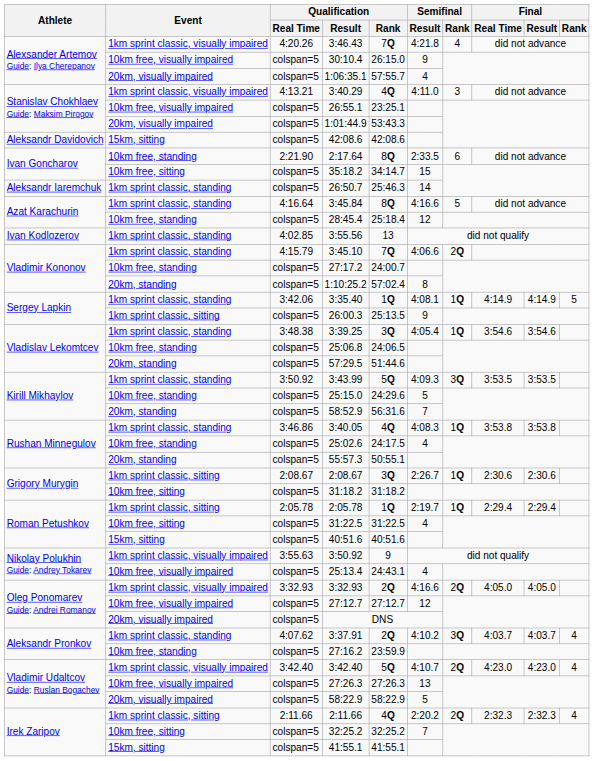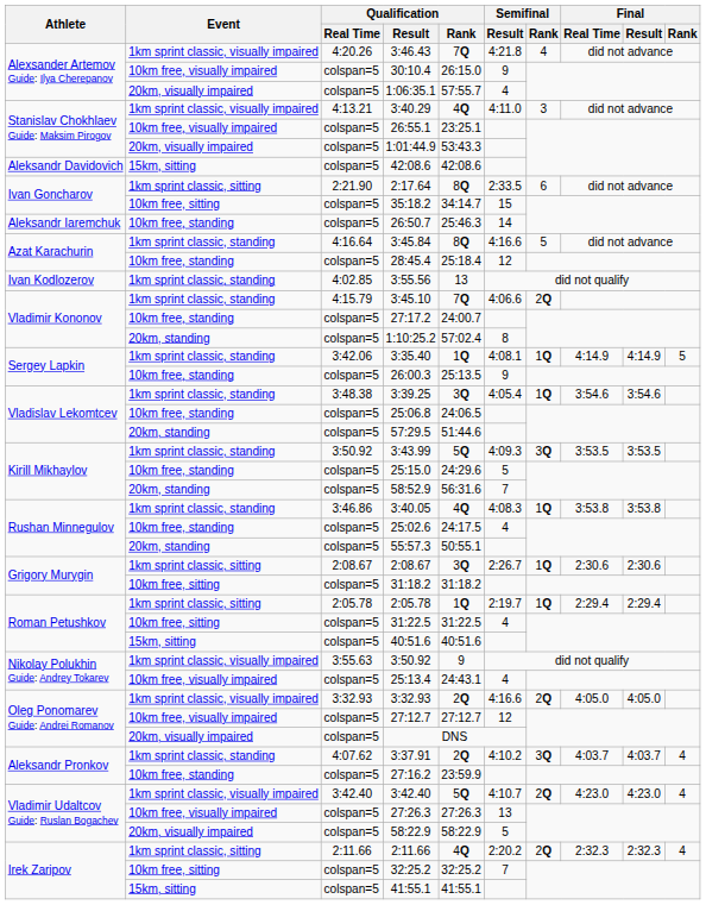 <table class="wikitable" style="font-size:100%">
 <tr>
 <th rowspan="2">Athlete</th>
 <th rowspan="2">Event</th>
 <th colspan="3">Qualification</th>
 <th colspan="2">Semifinal</th>
 <th colspan="3">Final</th>
 </tr>
 <tr>
 <th>Real Time</th>
 <th>Result</th>
 <th>Rank</th>
 <th>Result</th>
 <th>Rank</th>
 <th>Real Time</th>
 <th>Result</th>
 <th>Rank</th>
 </tr>
 <tr>
 <td rowspan=3><a href='#'>Alexsander Artemov</a><br><small><a href='#'>Guide</a>: <a href='#'>Ilya Cherepanov</a></small></td>
 <td><a href='#'>1km sprint classic, visually impaired</a></td>
 <td align="center">4:20.26</td>
 <td align="center">3:46.43</td>
 <td align="center">7<strong>Q</strong></td>
 <td align="center">4:21.8</td>
 <td align="center">4</td>
 <td colspan=3 align="center">did not advance</td>
 </tr>
 <tr>
 <td><a href='#'>10km free, visually impaired</a></td>
 <td>colspan=5 </td>
 <td align="center">30:10.4</td>
 <td align="center">26:15.0</td>
 <td align="center">9</td>
 </tr>
 <tr>
 <td><a href='#'>20km, visually impaired</a></td>
 <td>colspan=5 </td>
 <td align="center">1:06:35.1</td>
 <td align="center">57:55.7</td>
 <td align="center">4</td>
 </tr>
 <tr>
 <td rowspan=3><a href='#'>Stanislav Chokhlaev</a><br><small><a href='#'>Guide</a>: <a href='#'>Maksim Pirogov</a></small></td>
 <td><a href='#'>1km sprint classic, visually impaired</a></td>
 <td align="center">4:13.21</td>
 <td align="center">3:40.29</td>
 <td align="center">4<strong>Q</strong></td>
 <td align="center">4:11.0</td>
 <td align="center">3</td>
 <td colspan=3 align="center">did not advance</td>
 </tr>
 <tr>
 <td><a href='#'>10km free, visually impaired</a></td>
 <td>colspan=5 </td>
 <td align="center">26:55.1</td>
 <td align="center">23:25.1</td>
 <td align="center"></td>
 </tr>
 <tr>
 <td><a href='#'>20km, visually impaired</a></td>
 <td>colspan=5 </td>
 <td align="center">1:01:44.9</td>
 <td align="center">53:43.3</td>
 <td align="center"></td>
 </tr>
 <tr>
 <td><a href='#'>Aleksandr Davidovich</a></td>
 <td><a href='#'>15km, sitting</a></td>
 <td>colspan=5 </td>
 <td align="center">42:08.6</td>
 <td align="center">42:08.6</td>
 <td align="center"></td>
 </tr>
 <tr>
 <td rowspan=2><a href='#'>Ivan Goncharov</a></td>
-<td><a href='#'>10km free, standing</a></td>
+<td><a href='#'>1km sprint classic, sitting</a></td>
 <td align="center">2:21.90</td>
 <td align="center">2:17.64</td>
 <td align="center">8<strong>Q</strong></td>
 <td align="center">2:33.5</td>
 <td align="center">6</td>
 <td colspan=3 align="center">did not advance</td>
 </tr>
 <tr>
 <td><a href='#'>10km free, sitting</a></td>
 <td>colspan=5 </td>
 <td align="center">35:18.2</td>
 <td align="center">34:14.7</td>
 <td align="center">15</td>
 </tr>
 <tr>
 <td><a href='#'>Aleksandr Iaremchuk</a></td>
-<td><a href='#'>1km sprint classic, standing</a></td>
+<td><a href='#'>10km free, standing</a></td>
 <td>colspan=5 </td>
 <td align="center">26:50.7</td>
 <td align="center">25:46.3</td>
 <td align="center">14</td>
 </tr>
 <tr>
 <td rowspan=2><a href='#'>Azat Karachurin</a></td>
 <td><a href='#'>1km sprint classic, standing</a></td>
 <td align="center">4:16.64</td>
 <td align="center">3:45.84</td>
 <td align="center">8<strong>Q</strong></td>
 <td align="center">4:16.6</td>
 <td align="center">5</td>
 <td colspan=3 align="center">did not advance</td>
 </tr>
 <tr>
 <td><a href='#'>10km free, standing</a></td>
 <td>colspan=5 </td>
 <td align="center">28:45.4</td>
 <td align="center">25:18.4</td>
 <td align="center">12</td>
 </tr>
 <tr>
 <td><a href='#'>Ivan Kodlozerov</a></td>
 <td><a href='#'>1km sprint classic, standing</a></td>
 <td align="center">4:02.85</td>
 <td align="center">3:55.56</td>
 <td align="center">13</td>
 <td colspan=5 align="center">did not qualify</td>
 </tr>
 <tr>
 <td rowspan=3><a href='#'>Vladimir Kononov</a></td>
 <td><a href='#'>1km sprint classic, standing</a></td>
 <td align="center">4:15.79</td>
 <td align="center">3:45.10</td>
 <td align="center">7<strong>Q</strong></td>
 <td align="center">4:06.6</td>
 <td align="center">2<strong>Q</strong></td>
 <td colspan=3 align="center"></td>
 </tr>
 <tr>
 <td><a href='#'>10km free, standing</a></td>
 <td>colspan=5 </td>
 <td align="center">27:17.2</td>
 <td align="center">24:00.7</td>
 <td align="center"></td>
 </tr>
 <tr>
 <td><a href='#'>20km, standing</a></td>
 <td>colspan=5 </td>
 <td align="center">1:10:25.2</td>
 <td align="center">57:02.4</td>
 <td align="center">8</td>
 </tr>
 <tr>
 <td rowspan=2><a href='#'>Sergey Lapkin</a></td>
 <td><a href='#'>1km sprint classic, standing</a></td>
 <td align="center">3:42.06</td>
 <td align="center">3:35.40</td>
 <td align="center">1<strong>Q</strong></td>
 <td align="center">4:08.1</td>
 <td align="center">1<strong>Q</strong></td>
 <td align="center">4:14.9</td>
 <td align="center">4:14.9</td>
 <td align="center">5</td>
 </tr>
 <tr>
-<td><a href='#'>1km sprint classic, sitting</a></td>
+<td><a href='#'>10km free, standing</a></td>
 <td>colspan=5 </td>
 <td align="center">26:00.3</td>
 <td align="center">25:13.5</td>
 <td align="center">9</td>
 </tr>
 <tr>
 <td rowspan=3><a href='#'>Vladislav Lekomtcev</a></td>
 <td><a href='#'>1km sprint classic, standing</a></td>
 <td align="center">3:48.38</td>
 <td align="center">3:39.25</td>
 <td align="center">3<strong>Q</strong></td>
 <td align="center">4:05.4</td>
 <td align="center">1<strong>Q</strong></td>
 <td align="center">3:54.6</td>
 <td align="center">3:54.6</td>
 <td align="center"></td>
 </tr>
 <tr>
 <td><a href='#'>10km free, standing</a></td>
 <td>colspan=5 </td>
 <td align="center">25:06.8</td>
 <td align="center">24:06.5</td>
 <td align="center"></td>
 </tr>
 <tr>
 <td><a href='#'>20km, standing</a></td>
 <td>colspan=5 </td>
 <td align="center">57:29.5</td>
 <td align="center">51:44.6</td>
 <td align="center"></td>
 </tr>
 <tr>
 <td rowspan=3><a href='#'>Kirill Mikhaylov</a></td>
 <td><a href='#'>1km sprint classic, standing</a></td>
 <td align="center">3:50.92</td>
 <td align="center">3:43.99</td>
 <td align="center">5<strong>Q</strong></td>
 <td align="center">4:09.3</td>
 <td align="center">3<strong>Q</strong></td>
 <td align="center">3:53.5</td>
 <td align="center">3:53.5</td>
 <td align="center"></td>
 </tr>
 <tr>
 <td><a href='#'>10km free, standing</a></td>
 <td>colspan=5 </td>
 <td align="center">25:15.0</td>
 <td align="center">24:29.6</td>
 <td align="center">5</td>
 </tr>
 <tr>
 <td><a href='#'>20km, standing</a></td>
 <td>colspan=5 </td>
 <td align="center">58:52.9</td>
 <td align="center">56:31.6</td>
 <td align="center">7</td>
 </tr>
 <tr>
 <td rowspan=3><a href='#'>Rushan Minnegulov</a></td>
 <td><a href='#'>1km sprint classic, standing</a></td>
 <td align="center">3:46.86</td>
 <td align="center">3:40.05</td>
 <td align="center">4<strong>Q</strong></td>
 <td align="center">4:08.3</td>
 <td align="center">1<strong>Q</strong></td>
 <td align="center">3:53.8</td>
 <td align="center">3:53.8</td>
 <td align="center"></td>
 </tr>
 <tr>
 <td><a href='#'>10km free, standing</a></td>
 <td>colspan=5 </td>
 <td align="center">25:02.6</td>
 <td align="center">24:17.5</td>
 <td align="center">4</td>
 </tr>
 <tr>
 <td><a href='#'>20km, standing</a></td>
 <td>colspan=5 </td>
 <td align="center">55:57.3</td>
 <td align="center">50:55.1</td>
 <td align="center"></td>
 </tr>
 <tr>
 <td rowspan=2><a href='#'>Grigory Murygin</a></td>
 <td><a href='#'>1km sprint classic, sitting</a></td>
 <td align="center">2:08.67</td>
 <td align="center">2:08.67</td>
 <td align="center">3<strong>Q</strong></td>
 <td align="center">2:26.7</td>
 <td align="center">1<strong>Q</strong></td>
 <td align="center">2:30.6</td>
 <td align="center">2:30.6</td>
 <td align="center"></td>
 </tr>
 <tr>
 <td><a href='#'>10km free, sitting</a></td>
 <td>colspan=5 </td>
 <td align="center">31:18.2</td>
 <td align="center">31:18.2</td>
 <td align="center"></td>
 </tr>
 <tr>
 <td rowspan=3><a href='#'>Roman Petushkov</a></td>
 <td><a href='#'>1km sprint classic, sitting</a></td>
 <td align="center">2:05.78</td>
 <td align="center">2:05.78</td>
 <td align="center">1<strong>Q</strong></td>
 <td align="center">2:19.7</td>
 <td align="center">1<strong>Q</strong></td>
 <td align="center">2:29.4</td>
 <td align="center">2:29.4</td>
 <td align="center"></td>
 </tr>
 <tr>
 <td><a href='#'>10km free, sitting</a></td>
 <td>colspan=5 </td>
 <td align="center">31:22.5</td>
 <td align="center">31:22.5</td>
 <td align="center">4</td>
 </tr>
 <tr>
 <td><a href='#'>15km, sitting</a></td>
 <td>colspan=5 </td>
 <td align="center">40:51.6</td>
 <td align="center">40:51.6</td>
 <td align="center"></td>
 </tr>
 <tr>
 <td rowspan=2><a href='#'>Nikolay Polukhin</a><br><small><a href='#'>Guide</a>: <a href='#'>Andrey Tokarev</a></small></td>
 <td><a href='#'>1km sprint classic, visually impaired</a></td>
 <td align="center">3:55.63</td>
 <td align="center">3:50.92</td>
 <td align="center">9</td>
 <td colspan=5 align="center">did not qualify</td>
 </tr>
 <tr>
 <td><a href='#'>10km free, visually impaired</a></td>
 <td>colspan=5 </td>
 <td align="center">25:13.4</td>
 <td align="center">24:43.1</td>
 <td align="center">4</td>
 </tr>
 <tr>
 <td rowspan=3><a href='#'>Oleg Ponomarev</a><br><small><a href='#'>Guide</a>: <a href='#'>Andrei Romanov</a></small></td>
 <td><a href='#'>1km sprint classic, visually impaired</a></td>
 <td align="center">3:32.93</td>
 <td align="center">3:32.93</td>
 <td align="center">2<strong>Q</strong></td>
 <td align="center">4:16.6</td>
 <td align="center">2<strong>Q</strong></td>
 <td align="center">4:05.0</td>
 <td align="center">4:05.0</td>
 <td align="center"></td>
 </tr>
 <tr>
 <td><a href='#'>10km free, visually impaired</a></td>
 <td>colspan=5 </td>
 <td align="center">27:12.7</td>
 <td align="center">27:12.7</td>
 <td align="center">12</td>
 </tr>
 <tr>
 <td><a href='#'>20km, visually impaired</a></td>
 <td>colspan=5 </td>
 <td align="center" colspan=3>DNS</td>
 </tr>
 <tr>
 <td rowspan=2><a href='#'>Aleksandr Pronkov</a></td>
 <td><a href='#'>1km sprint classic, standing</a></td>
 <td align="center">4:07.62</td>
 <td align="center">3:37.91</td>
 <td align="center">2<strong>Q</strong></td>
 <td align="center">4:10.2</td>
 <td align="center">3<strong>Q</strong></td>
 <td align="center">4:03.7</td>
 <td align="center">4:03.7</td>
 <td align="center">4</td>
 </tr>
 <tr>
 <td><a href='#'>10km free, standing</a></td>
 <td>colspan=5 </td>
 <td align="center">27:16.2</td>
 <td align="center">23:59.9</td>
 <td align="center"></td>
 </tr>
 <tr>
 <td rowspan=3><a href='#'>Vladimir Udaltcov</a><br><small><a href='#'>Guide</a>: <a href='#'>Ruslan Bogachev</a></small></td>
 <td><a href='#'>1km sprint classic, visually impaired</a></td>
 <td align="center">3:42.40</td>
 <td align="center">3:42.40</td>
 <td align="center">5<strong>Q</strong></td>
 <td align="center">4:10.7</td>
 <td align="center">2<strong>Q</strong></td>
 <td align="center">4:23.0</td>
 <td align="center">4:23.0</td>
 <td align="center">4</td>
 </tr>
 <tr>
 <td><a href='#'>10km free, visually impaired</a></td>
 <td>colspan=5 </td>
 <td align="center">27:26.3</td>
 <td align="center">27:26.3</td>
 <td align="center">13</td>
 </tr>
 <tr>
 <td><a href='#'>20km, visually impaired</a></td>
 <td>colspan=5 </td>
 <td align="center">58:22.9</td>
 <td align="center">58:22.9</td>
 <td align="center">5</td>
 </tr>
 <tr>
 <td rowspan=3><a href='#'>Irek Zaripov</a></td>
 <td><a href='#'>1km sprint classic, sitting</a></td>
 <td align="center">2:11.66</td>
 <td align="center">2:11.66</td>
 <td align="center">4<strong>Q</strong></td>
 <td align="center">2:20.2</td>
 <td align="center">2<strong>Q</strong></td>
 <td align="center">2:32.3</td>
 <td align="center">2:32.3</td>
 <td align="center">4</td>
 </tr>
 <tr>
 <td><a href='#'>10km free, sitting</a></td>
 <td>colspan=5 </td>
 <td align="center">32:25.2</td>
 <td align="center">32:25.2</td>
 <td align="center">7</td>
 </tr>
 <tr>
 <td><a href='#'>15km, sitting</a></td>
 <td>colspan=5 </td>
 <td align="center">41:55.1</td>
 <td align="center">41:55.1</td>
 <td align="center"></td>
 </tr>
 </table>
